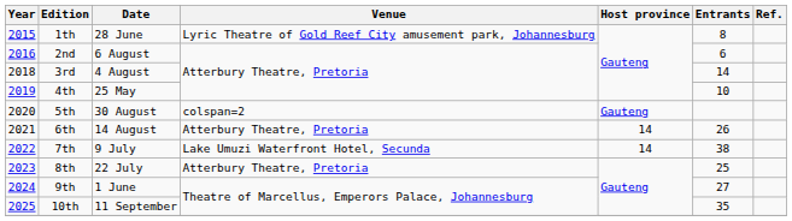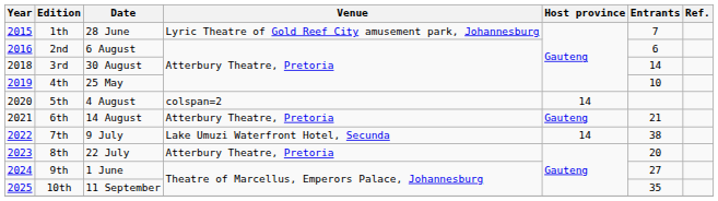 <table class="wikitable" style="font-size:90%;">
 <tr>
 <th>Year</th>
 <th>Edition</th>
 <th>Date</th>
 <th>Venue</th>
 <th>Host province</th>
 <th>Entrants</th>
 <th>Ref.</th>
 </tr>
 <tr>
 <td><a href='#'>2015</a></td>
 <td align=center>1th</td>
 <td>28 June</td>
 <td>Lyric Theatre of <a href='#'>Gold Reef City</a> amusement park, <a href='#'>Johannesburg</a></td>
 <td rowspan=4><a href='#'>Gauteng</a></td>
-<td align=center>8</td>
+<td align=center>7</td>
 <td align=center></td>
 </tr>
 <tr>
 <td><a href='#'>2016</a></td>
 <td align=center>2nd</td>
 <td>6 August</td>
 <td rowspan=3>Atterbury Theatre, <a href='#'>Pretoria</a></td>
 <td align=center>6</td>
 <td align=center></td>
 </tr>
 <tr>
 <td>2018</td>
 <td align=center>3rd</td>
-<td>4 August</td>
+<td>30 August</td>
 <td align=center>14</td>
 <td align=center></td>
 </tr>
 <tr>
 <td><a href='#'>2019</a></td>
 <td align=center>4th</td>
 <td>25 May</td>
 <td align=center>10</td>
 <td align=center></td>
 </tr>
 <tr>
 <td>2020</td>
 <td align=center>5th</td>
-<td>30 August</td>
+<td>4 August</td>
 <td>colspan=2 </td>
-<td><a href='#'>Gauteng</a></td>
+<td align=center>14</td>
 <td align=center></td>
 </tr>
 <tr>
 <td>2021</td>
 <td align=center>6th</td>
 <td>14 August</td>
 <td>Atterbury Theatre, <a href='#'>Pretoria</a></td>
-<td align=center>14</td>
-<td align=center>26</td>
+<td><a href='#'>Gauteng</a></td>
+<td align=center>21</td>
 <td align=center></td>
 </tr>
 <tr>
 <td><a href='#'>2022</a></td>
 <td align=center>7th</td>
 <td>9 July</td>
 <td>Lake Umuzi Waterfront Hotel, <a href='#'>Secunda</a></td>
 <td align=center>14</td>
 <td align=center>38</td>
 <td align=center></td>
 </tr>
 <tr>
 <td><a href='#'>2023</a></td>
 <td align=center>8th</td>
 <td>22 July</td>
 <td>Atterbury Theatre, <a href='#'>Pretoria</a></td>
 <td rowspan=3><a href='#'>Gauteng</a></td>
-<td align=center>25</td>
+<td align=center>20</td>
 <td align=center></td>
 </tr>
 <tr>
 <td><a href='#'>2024</a></td>
 <td align=center>9th</td>
 <td>1 June</td>
 <td rowspan=2>Theatre of Marcellus, Emperors Palace, <a href='#'>Johannesburg</a></td>
 <td align=center>27</td>
 <td align=center></td>
 </tr>
 <tr>
 <td><a href='#'>2025</a></td>
 <td align=center>10th</td>
 <td>11 September</td>
 <td align=center>35</td>
 <td align=center></td>
 </tr>
 <tr>
 </tr>
 </table>
